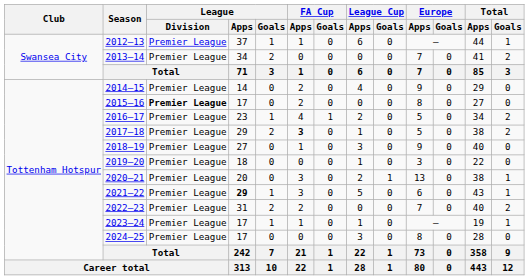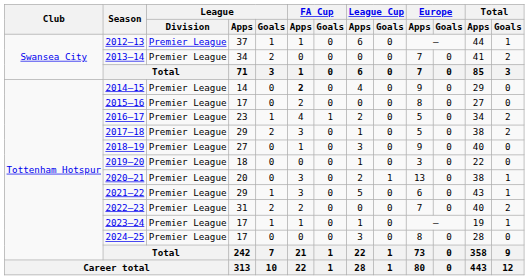 <table class=wikitable style=text-align:center>
 <tr>
 <th rowspan=2>Club</th>
 <th rowspan=2>Season</th>
 <th colspan=3>League</th>
 <th colspan=2><a href='#'>FA Cup</a></th>
 <th colspan=2><a href='#'>League Cup</a></th>
 <th colspan=2><a href='#'>Europe</a></th>
 <th colspan=2>Total</th>
 </tr>
 <tr>
 <th>Division</th>
 <th>Apps</th>
 <th>Goals</th>
 <th>Apps</th>
 <th>Goals</th>
 <th>Apps</th>
 <th>Goals</th>
 <th>Apps</th>
 <th>Goals</th>
 <th>Apps</th>
 <th>Goals</th>
 </tr>
 <tr>
 <td rowspan=3><a href='#'>Swansea City</a></td>
 <td><a href='#'>2012–13</a></td>
 <td><a href='#'>Premier League</a></td>
 <td>37</td>
 <td>1</td>
 <td>1</td>
 <td>0</td>
 <td>6</td>
 <td>0</td>
 <td colspan=2>—</td>
 <td>44</td>
 <td>1</td>
 </tr>
 <tr>
 <td><a href='#'>2013–14</a></td>
 <td>Premier League</td>
 <td>34</td>
 <td>2</td>
 <td>0</td>
 <td>0</td>
 <td>0</td>
 <td>0</td>
 <td>7</td>
 <td>0</td>
 <td>41</td>
 <td>2</td>
 </tr>
 <tr>
 <th colspan=2>Total</th>
 <th>71</th>
 <th>3</th>
 <th>1</th>
 <th>0</th>
 <th>6</th>
 <th>0</th>
 <th>7</th>
 <th>0</th>
 <th>85</th>
 <th>3</th>
 </tr>
 <tr>
 <td rowspan=12><a href='#'>Tottenham Hotspur</a></td>
 <td><a href='#'>2014–15</a></td>
 <td>Premier League</td>
 <td>14</td>
 <td>0</td>
-<td>2</td>
+<td><strong>2</strong></td>
 <td>0</td>
 <td>4</td>
 <td>0</td>
 <td>9</td>
 <td>0</td>
 <td>29</td>
 <td>0</td>
 </tr>
 <tr>
 <td><a href='#'>2015–16</a></td>
-<td><strong>Premier League</strong></td>
+<td>Premier League</td>
 <td>17</td>
 <td>0</td>
 <td>2</td>
 <td>0</td>
 <td>0</td>
 <td>0</td>
 <td>8</td>
 <td>0</td>
 <td>27</td>
 <td>0</td>
 </tr>
 <tr>
 <td><a href='#'>2016–17</a></td>
 <td>Premier League</td>
 <td>23</td>
 <td>1</td>
 <td>4</td>
 <td>1</td>
 <td>2</td>
 <td>0</td>
 <td>5</td>
 <td>0</td>
 <td>34</td>
 <td>2</td>
 </tr>
 <tr>
 <td><a href='#'>2017–18</a></td>
 <td>Premier League</td>
 <td>29</td>
 <td>2</td>
-<td><strong>3</strong></td>
+<td>3</td>
 <td>0</td>
 <td>1</td>
 <td>0</td>
 <td>5</td>
 <td>0</td>
 <td>38</td>
 <td>2</td>
 </tr>
 <tr>
 <td><a href='#'>2018–19</a></td>
 <td>Premier League</td>
 <td>27</td>
 <td>0</td>
 <td>1</td>
 <td>0</td>
 <td>3</td>
 <td>0</td>
 <td>9</td>
 <td>0</td>
 <td>40</td>
 <td>0</td>
 </tr>
 <tr>
 <td><a href='#'>2019–20</a></td>
 <td>Premier League</td>
 <td>18</td>
 <td>0</td>
 <td>0</td>
 <td>0</td>
 <td>1</td>
 <td>0</td>
 <td>3</td>
 <td>0</td>
 <td>22</td>
 <td>0</td>
 </tr>
 <tr>
 <td><a href='#'>2020–21</a></td>
 <td>Premier League</td>
 <td>20</td>
 <td>0</td>
 <td>3</td>
 <td>0</td>
 <td>2</td>
 <td>1</td>
 <td>13</td>
 <td>0</td>
 <td>38</td>
 <td>1</td>
 </tr>
 <tr>
 <td><a href='#'>2021–22</a></td>
 <td>Premier League</td>
-<td><strong>29</strong></td>
+<td>29</td>
 <td>1</td>
 <td>3</td>
 <td>0</td>
 <td>5</td>
 <td>0</td>
 <td>6</td>
 <td>0</td>
 <td>43</td>
 <td>1</td>
 </tr>
 <tr>
 <td><a href='#'>2022–23</a></td>
 <td>Premier League</td>
 <td>31</td>
 <td>2</td>
 <td>2</td>
 <td>0</td>
 <td>0</td>
 <td>0</td>
 <td>7</td>
 <td>0</td>
 <td>40</td>
 <td>2</td>
 </tr>
 <tr>
 <td><a href='#'>2023–24</a></td>
 <td>Premier League</td>
 <td>17</td>
 <td>1</td>
 <td>1</td>
 <td>0</td>
 <td>1</td>
 <td>0</td>
 <td colspan=2>—</td>
 <td>19</td>
 <td>1</td>
 </tr>
 <tr>
 <td><a href='#'>2024–25</a></td>
 <td>Premier League</td>
 <td>17</td>
 <td>0</td>
 <td>0</td>
 <td>0</td>
 <td>3</td>
 <td>0</td>
 <td>8</td>
 <td>0</td>
 <td>28</td>
 <td>0</td>
 </tr>
 <tr>
 <th colspan=2>Total</th>
 <th>242</th>
 <th>7</th>
 <th>21</th>
 <th>1</th>
 <th>22</th>
 <th>1</th>
 <th>73</th>
 <th>0</th>
 <th>358</th>
 <th>9</th>
 </tr>
 <tr>
 <th colspan=3>Career total</th>
 <th>313</th>
 <th>10</th>
 <th>22</th>
 <th>1</th>
 <th>28</th>
 <th>1</th>
 <th>80</th>
 <th>0</th>
 <th>443</th>
 <th>12</th>
 </tr>
 </table>
